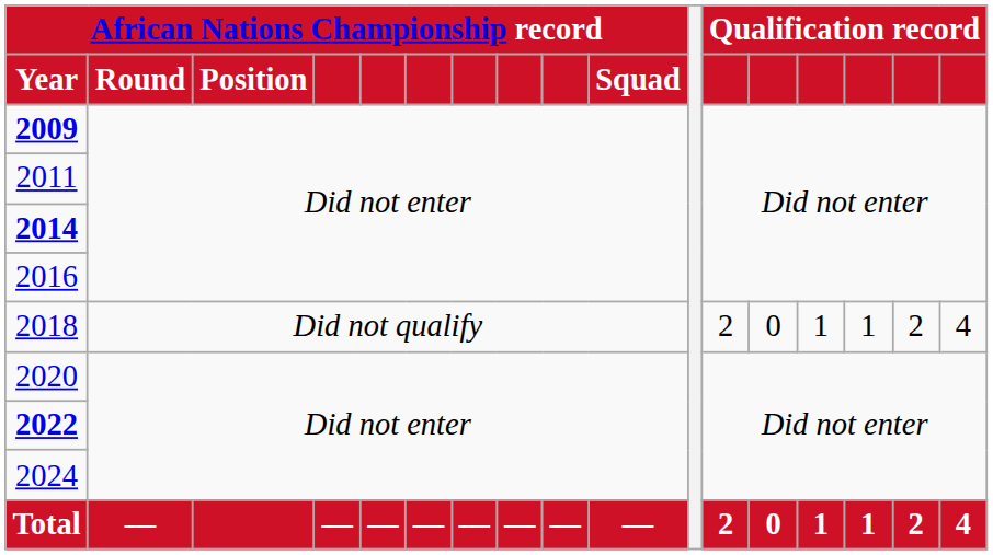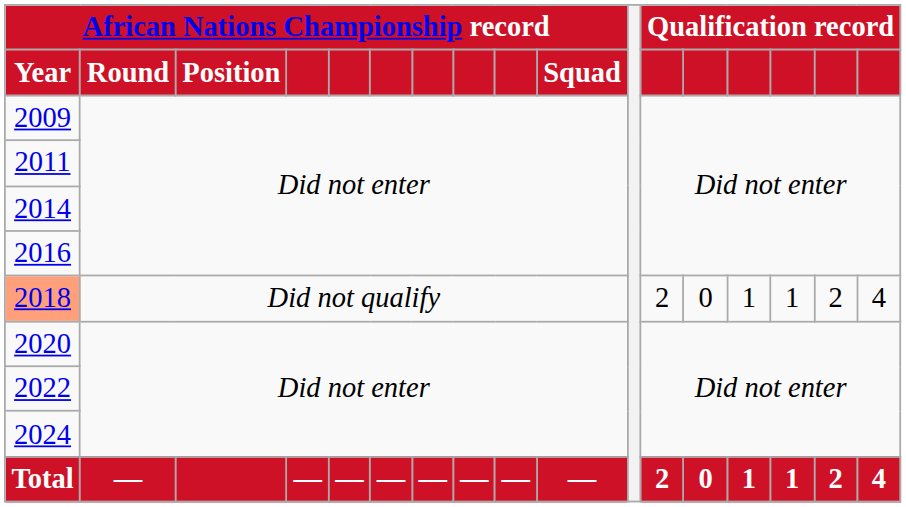 <table class="wikitable" style="text-align:center">
 <tr>
 <th colspan="10" style="background:#CE1126; color:#FFFFFF; "><a href='#'><span>African Nations Championship</span></a> record</th>
 <th rowspan="11"></th>
 <th colspan="6" style="background:#CE1126; color:#FFFFFF; ">Qualification record</th>
 </tr>
 <tr>
 <th style="background:#CE1126; color:#FFFFFF; ">Year</th>
 <th style="background:#CE1126; color:#FFFFFF; ">Round</th>
 <th style="background:#CE1126; color:#FFFFFF; ">Position</th>
 <th style="background:#CE1126; color:#FFFFFF; "></th>
 <th style="background:#CE1126; color:#FFFFFF; "></th>
 <th style="background:#CE1126; color:#FFFFFF; "></th>
 <th style="background:#CE1126; color:#FFFFFF; "></th>
 <th style="background:#CE1126; color:#FFFFFF; "></th>
 <th style="background:#CE1126; color:#FFFFFF; "></th>
 <th style="background:#CE1126; color:#FFFFFF; ">Squad</th>
 <th style="background:#CE1126; color:#FFFFFF; "></th>
 <th style="background:#CE1126; color:#FFFFFF; "></th>
 <th style="background:#CE1126; color:#FFFFFF; "></th>
 <th style="background:#CE1126; color:#FFFFFF; "></th>
 <th style="background:#CE1126; color:#FFFFFF; "></th>
 <th style="background:#CE1126; color:#FFFFFF; "></th>
 </tr>
 <tr>
-<td><strong> <a href='#'>2009</a></strong></td>
+<td> <a href='#'>2009</a></td>
 <td colspan="9" rowspan="4"><em>Did not enter</em></td>
 <td colspan="6" rowspan="4"><em>Did not enter</em></td>
 </tr>
 <tr>
 <td> <a href='#'>2011</a></td>
 </tr>
 <tr>
-<td><strong> <a href='#'>2014</a></strong></td>
+<td> <a href='#'>2014</a></td>
 </tr>
 <tr>
 <td> <a href='#'>2016</a></td>
 </tr>
 <tr>
-<td> <a href='#'>2018</a></td>
+<td style="background: lightsalmon;"> <a href='#'>2018</a></td>
 <td colspan="9"><em>Did not qualify</em></td>
 <td>2</td>
 <td>0</td>
 <td>1</td>
 <td>1</td>
 <td>2</td>
 <td>4</td>
 </tr>
 <tr>
 <td> <a href='#'>2020</a></td>
 <td colspan="9" rowspan="3"><em>Did not enter</em></td>
 <td colspan="6" rowspan="3"><em>Did not enter</em></td>
 </tr>
 <tr>
-<td><strong> <a href='#'>2022</a></strong></td>
+<td> <a href='#'>2022</a></td>
 </tr>
 <tr>
 <td>   <a href='#'>2024</a></td>
 </tr>
 <tr>
 <th style="background:#CE1126; color:#FFFFFF; ">Total</th>
 <th style="background:#CE1126; color:#FFFFFF; ">—</th>
 <th style="background:#CE1126; color:#FFFFFF; "></th>
 <th style="background:#CE1126; color:#FFFFFF; ">—</th>
 <th style="background:#CE1126; color:#FFFFFF; ">—</th>
 <th style="background:#CE1126; color:#FFFFFF; ">—</th>
 <th style="background:#CE1126; color:#FFFFFF; ">—</th>
 <th style="background:#CE1126; color:#FFFFFF; ">—</th>
 <th style="background:#CE1126; color:#FFFFFF; ">—</th>
 <th style="background:#CE1126; color:#FFFFFF; ">—</th>
 <th style="background:#CE1126; color:#FFFFFF; ">2</th>
 <th style="background:#CE1126; color:#FFFFFF; ">0</th>
 <th style="background:#CE1126; color:#FFFFFF; ">1</th>
 <th style="background:#CE1126; color:#FFFFFF; ">1</th>
 <th style="background:#CE1126; color:#FFFFFF; ">2</th>
 <th style="background:#CE1126; color:#FFFFFF; ">4</th>
 </tr>
 </table>
